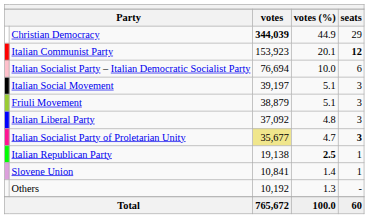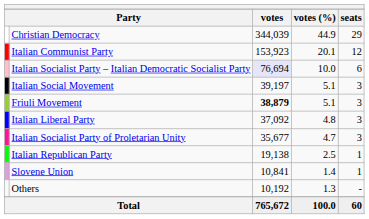 <table class="wikitable" style="font-size:95%">
 <tr>
 <th colspan=5></th>
 </tr>
 <tr>
 </tr>
 <tr bgcolor="EFEFEF">
 <th colspan=2>Party</th>
 <th>votes</th>
 <th>votes (%)</th>
 <th>seats</th>
 </tr>
 <tr>
 <td bgcolor=White></td>
 <td><a href='#'>Christian Democracy</a></td>
-<td align=right><strong>344,039</strong></td>
+<td align=right>344,039</td>
 <td align=right>44.9</td>
 <td align=right>29</td>
 </tr>
 <tr>
 <td bgcolor=Red></td>
 <td><a href='#'>Italian Communist Party</a></td>
 <td align=right>153,923</td>
 <td align=right>20.1</td>
-<td align=right><strong>12</strong></td>
+<td align=right>12</td>
 </tr>
 <tr>
 <td bgcolor=Pink></td>
 <td><a href='#'>Italian Socialist Party</a> – <a href='#'>Italian Democratic Socialist Party</a></td>
-<td align=right>76,694</td>
+<td align=right style="background: lavender;">76,694</td>
 <td align=right>10.0</td>
 <td align=right>6</td>
 </tr>
 <tr>
 <td bgcolor=Black></td>
 <td><a href='#'>Italian Social Movement</a></td>
 <td align=right>39,197</td>
 <td align=right>5.1</td>
 <td align=right>3</td>
 </tr>
 <tr>
 <td bgcolor=Yellowgreen></td>
 <td><a href='#'>Friuli Movement</a></td>
-<td align=right>38,879</td>
+<td align=right><strong>38,879</strong></td>
 <td align=right>5.1</td>
 <td align=right>3</td>
 </tr>
 <tr>
 <td bgcolor=Blue></td>
 <td><a href='#'>Italian Liberal Party</a></td>
 <td align=right>37,092</td>
 <td align=right>4.8</td>
 <td align=right>3</td>
 </tr>
 <tr>
 <td bgcolor=Deeppink></td>
 <td><a href='#'>Italian Socialist Party of Proletarian Unity</a></td>
-<td align=right style="background: khaki;">35,677</td>
+<td align=right>35,677</td>
 <td align=right>4.7</td>
-<td align=right><strong>3</strong></td>
+<td align=right>3</td>
 </tr>
 <tr>
 <td bgcolor=Lime></td>
 <td><a href='#'>Italian Republican Party</a></td>
 <td align=right>19,138</td>
-<td align=right><strong>2.5</strong></td>
+<td align=right>2.5</td>
 <td align=right>1</td>
 </tr>
 <tr>
 <td bgcolor=Plum></td>
 <td><a href='#'>Slovene Union</a></td>
 <td align=right>10,841</td>
 <td align=right>1.4</td>
 <td align=right>1</td>
 </tr>
 <tr>
 <td bgcolor=></td>
 <td>Others</td>
 <td align=right>10,192</td>
 <td align=right>1.3</td>
 <td align=right>-</td>
 </tr>
 <tr>
 </tr>
 <tr bgcolor="EFEFEF">
 <th colspan=2><strong>Total</strong></th>
 <td align=right><strong>765,672</strong></td>
 <td align=right><strong>100.0</strong></td>
 <td align=right><strong>60</strong></td>
 </tr>
 </table>
